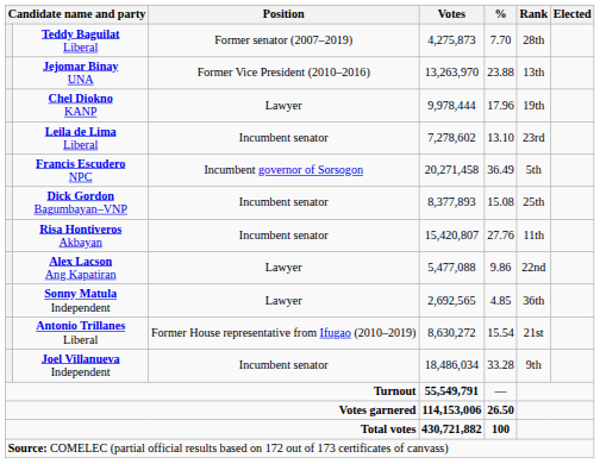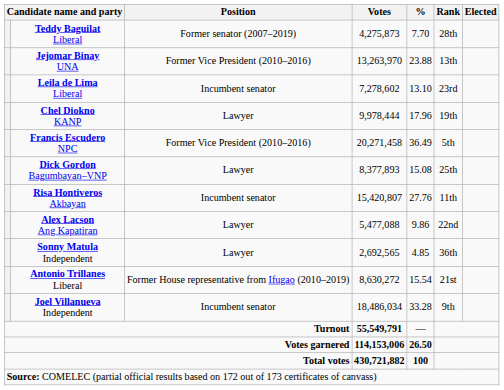 <table class="wikitable sortable" style="text-align:center;font-size:100%;">
 <tr>
 <th colspan="2" class=unsortable>Candidate name and party</th>
 <th class=unsortable>Position</th>
 <th>Votes</th>
 <th>%</th>
 <th>Rank</th>
 <th class=unsortable>Elected</th>
 </tr>
 <tr>
 <th style="background:"></th>
 <td><strong><a href='#'>Teddy Baguilat</a></strong><br><a href='#'>Liberal</a></td>
 <td>Former senator (2007–2019)</td>
 <td>4,275,873</td>
 <td>7.70</td>
 <td>28th</td>
 <td></td>
 </tr>
 <tr>
 <th style="background:"></th>
 <td><strong><a href='#'>Jejomar Binay</a></strong><br><a href='#'>UNA</a></td>
 <td>Former Vice President (2010–2016)</td>
 <td>13,263,970</td>
 <td>23.88</td>
 <td>13th</td>
 <td></td>
 </tr>
 <tr>
 <th style="background:"></th>
+<td><strong><a href='#'>Leila de Lima</a></strong><br><a href='#'>Liberal</a></td>
+<td>Incumbent senator</td>
+<td>7,278,602</td>
+<td>13.10</td>
+<td>23rd</td>
+<td></td>
+</tr>
+<tr>
+<th style="background:"></th>
 <td><strong><a href='#'>Chel Diokno</a></strong><br><a href='#'>KANP</a></td>
 <td>Lawyer</td>
 <td>9,978,444</td>
 <td>17.96</td>
 <td>19th</td>
 <td></td>
 </tr>
 <tr>
 <th style="background:"></th>
-<td><strong><a href='#'>Leila de Lima</a></strong><br><a href='#'>Liberal</a></td>
-<td>Incumbent senator</td>
-<td>7,278,602</td>
-<td>13.10</td>
-<td>23rd</td>
-<td></td>
-</tr>
-<tr>
-<th style="background:"></th>
 <td><strong><a href='#'>Francis Escudero</a></strong><br><a href='#'>NPC</a></td>
-<td>Incumbent <a href='#'>governor of Sorsogon</a></td>
+<td>Former Vice President (2010–2016)</td>
 <td>20,271,458</td>
 <td>36.49</td>
 <td>5th</td>
 <td></td>
 </tr>
 <tr>
 <th style="background:"></th>
 <td><a href='#'><strong>Dick Gordon</strong></a><br><a href='#'>Bagumbayan–VNP</a></td>
-<td>Incumbent senator</td>
+<td>Lawyer</td>
 <td>8,377,893</td>
 <td>15.08</td>
 <td>25th</td>
 <td></td>
 </tr>
 <tr>
 <th style="background:"></th>
 <td><strong><a href='#'>Risa Hontiveros</a></strong><br><a href='#'>Akbayan</a></td>
 <td>Incumbent senator</td>
 <td>15,420,807</td>
 <td>27.76</td>
 <td>11th</td>
 <td></td>
 </tr>
 <tr>
 <th style="background:"></th>
 <td><strong><a href='#'>Alex Lacson</a></strong><br><a href='#'>Ang Kapatiran</a></td>
 <td>Lawyer</td>
 <td>5,477,088</td>
 <td>9.86</td>
 <td>22nd</td>
 <td></td>
 </tr>
 <tr>
 <th></th>
 <td><strong><a href='#'>Sonny Matula</a></strong><br>Independent</td>
 <td>Lawyer</td>
 <td>2,692,565</td>
 <td>4.85</td>
 <td>36th</td>
 <td></td>
 </tr>
 <tr>
 <th style="background:"></th>
 <td><strong><a href='#'>Antonio Trillanes</a></strong><br>Liberal</td>
 <td>Former House representative from <a href='#'>Ifugao</a> (2010–2019)</td>
 <td>8,630,272</td>
 <td>15.54</td>
 <td>21st</td>
 <td></td>
 </tr>
 <tr>
 <th></th>
 <td><strong><a href='#'>Joel Villanueva</a></strong><br>Independent</td>
 <td>Incumbent senator</td>
 <td>18,486,034</td>
 <td>33.28</td>
 <td>9th</td>
 <td></td>
 </tr>
 <tr class="sortbottom">
 <td colspan=3; style="text-align: right"><strong>Turnout</strong></td>
 <td><strong>55,549,791</strong></td>
 <td><strong>—</strong></td>
 <td colspan=2></td>
 </tr>
 <tr class="sortbottom">
 <td colspan=3; style="text-align: right"><strong>Votes garnered</strong></td>
 <td><strong>114,153,006</strong></td>
 <td><strong>26.50</strong></td>
 <td colspan=2></td>
 </tr>
 <tr class="sortbottom">
 <td colspan=3; style="text-align: right"><strong>Total votes</strong></td>
 <td><strong>430,721,882</strong></td>
 <td><strong>100</strong></td>
 <td colspan=2></td>
 </tr>
 <tr class="sortbottom">
 <td colspan=7; style="text-align: left"><strong>Source:</strong> COMELEC (partial official results based on 172 out of 173 certificates of canvass)</td>
 </tr>
 </table>
